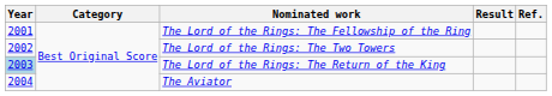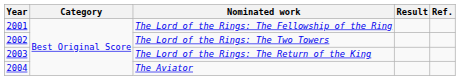 <table class="wikitable">
 <tr>
 <th>Year</th>
 <th>Category</th>
 <th>Nominated work</th>
 <th>Result</th>
 <th>Ref.</th>
 </tr>
 <tr>
 <td><a href='#'>2001</a></td>
 <td rowspan="4"><a href='#'>Best Original Score</a></td>
 <td><em><a href='#'>The Lord of the Rings: The Fellowship of the Ring</a></em></td>
 <td></td>
 <td align="center"></td>
 </tr>
 <tr>
 <td><a href='#'>2002</a></td>
 <td><em><a href='#'>The Lord of the Rings: The Two Towers</a></em></td>
 <td></td>
 <td align="center"></td>
 </tr>
 <tr>
-<td style="background: lightblue;"><a href='#'>2003</a></td>
+<td><a href='#'>2003</a></td>
 <td><em><a href='#'>The Lord of the Rings: The Return of the King</a></em></td>
 <td></td>
 <td align="center"></td>
 </tr>
 <tr>
 <td><a href='#'>2004</a></td>
 <td><em><a href='#'>The Aviator</a></em></td>
 <td></td>
 <td align="center"></td>
 </tr>
 </table>
